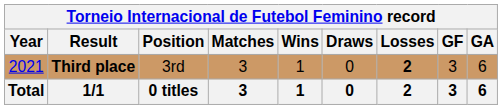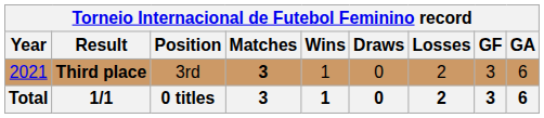 <table class="wikitable" style="text-align: center;">
 <tr>
 <th colspan=9> <a href='#'>Torneio Internacional de Futebol Feminino</a> record</th>
 </tr>
 <tr>
 <th>Year</th>
 <th>Result</th>
 <th>Position</th>
 <th>Matches</th>
 <th>Wins</th>
 <th>Draws</th>
 <th>Losses</th>
 <th>GF</th>
 <th>GA</th>
 </tr>
 <tr bgcolor="CC9966">
 <td> <a href='#'>2021</a></td>
 <td><strong>Third place</strong></td>
 <td>3rd</td>
-<td>3</td>
+<td><strong>3</strong></td>
 <td>1</td>
 <td>0</td>
-<td><strong>2</strong></td>
+<td>2</td>
 <td>3</td>
 <td>6</td>
 </tr>
 <tr>
 <th>Total</th>
 <th>1/1</th>
 <th>0 titles</th>
 <th>3</th>
 <th>1</th>
 <th>0</th>
 <th>2</th>
 <th>3</th>
 <th>6</th>
 </tr>
 </table>
